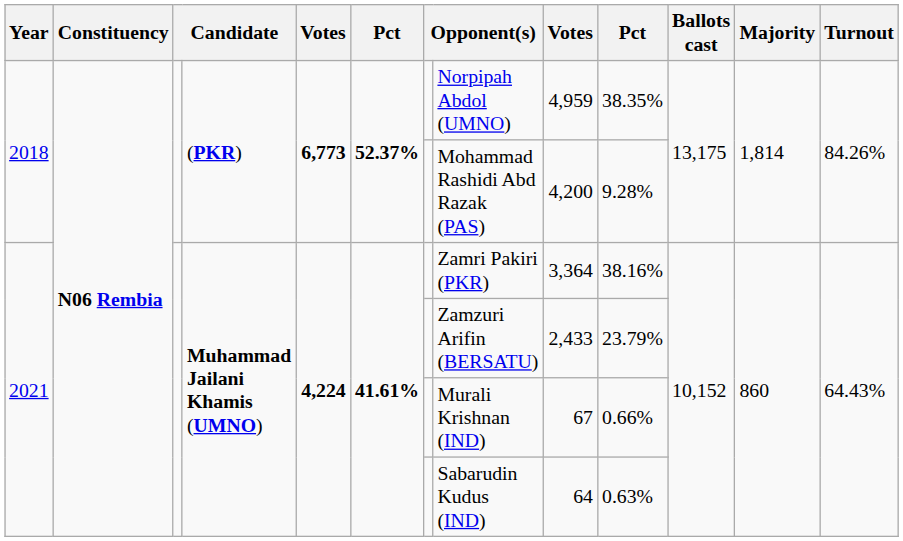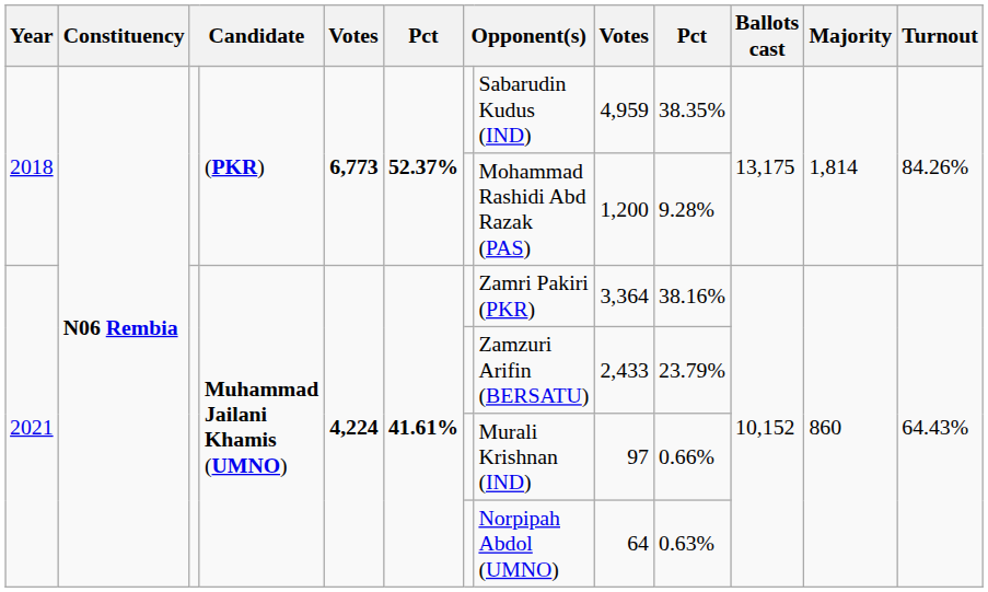 <table class="wikitable" style="margin:0.5em ; font-size:95%">
 <tr>
 <th>Year</th>
 <th>Constituency</th>
 <th colspan=2>Candidate</th>
 <th>Votes</th>
 <th>Pct</th>
 <th colspan=2>Opponent(s)</th>
 <th>Votes</th>
 <th>Pct</th>
 <th>Ballots cast</th>
 <th>Majority</th>
 <th>Turnout</th>
 </tr>
 <tr>
 <td rowspan=2><a href='#'>2018</a></td>
 <td rowspan=6><strong>N06 <a href='#'>Rembia</a></strong></td>
 <td rowspan=2 ></td>
 <td rowspan=2><strong></strong> (<a href='#'><strong>PKR</strong></a>)</td>
 <td rowspan=2 align="right"><strong>6,773</strong></td>
 <td rowspan=2><strong>52.37%</strong></td>
 <td></td>
-<td><a href='#'>Norpipah Abdol</a> (<a href='#'>UMNO</a>)</td>
+<td>Sabarudin Kudus (<a href='#'>IND</a>)</td>
 <td align="right">4,959</td>
 <td>38.35%</td>
 <td rowspan=2>13,175</td>
 <td rowspan=2>1,814</td>
 <td rowspan=2>84.26%</td>
 </tr>
 <tr>
 <td></td>
 <td>Mohammad Rashidi Abd Razak (<a href='#'>PAS</a>)</td>
-<td align="right">4,200</td>
+<td align="right">1,200</td>
 <td>9.28%</td>
 </tr>
 <tr>
 <td rowspan=4><a href='#'>2021</a></td>
 <td rowspan=4 ></td>
 <td rowspan=4><strong>Muhammad Jailani Khamis</strong> (<a href='#'><strong>UMNO</strong></a>)</td>
 <td rowspan=4 align="right"><strong>4,224</strong></td>
 <td rowspan=4><strong>41.61%</strong></td>
 <td></td>
 <td>Zamri Pakiri (<a href='#'>PKR</a>)</td>
 <td align="right">3,364</td>
 <td>38.16%</td>
 <td rowspan=4>10,152</td>
 <td rowspan=4>860</td>
 <td rowspan=4>64.43%</td>
 </tr>
 <tr>
 <td></td>
 <td>Zamzuri Arifin (<a href='#'>BERSATU</a>)</td>
 <td align="right">2,433</td>
 <td>23.79%</td>
 </tr>
 <tr>
 <td></td>
 <td>Murali Krishnan (<a href='#'>IND</a>)</td>
-<td align="right">67</td>
+<td align="right">97</td>
 <td>0.66%</td>
 </tr>
 <tr>
 <td></td>
-<td>Sabarudin Kudus (<a href='#'>IND</a>)</td>
+<td><a href='#'>Norpipah Abdol</a> (<a href='#'>UMNO</a>)</td>
 <td align="right">64</td>
 <td>0.63%</td>
 </tr>
 </table>
